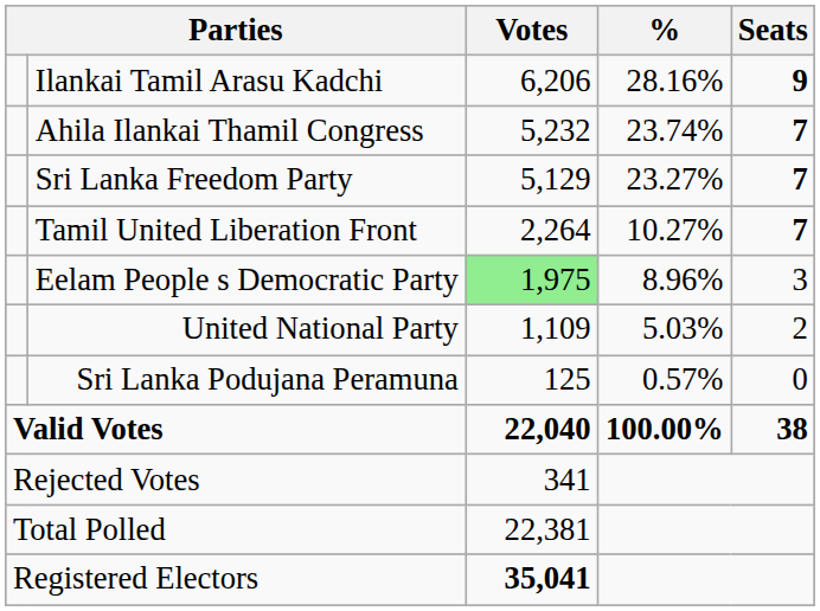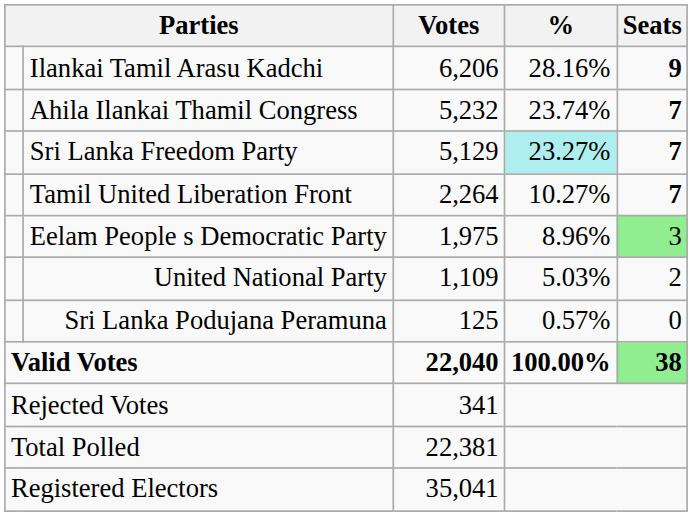 <table class="wikitable" border="1" style="text-align:right;">
 <tr>
 <th colspan="2" valign="bottom" align="left">Parties</th>
 <th valign="bottom" align="center" width="60">Votes</th>
 <th valign="bottom" align="center" width="50">%</th>
 <th valign="bottom" align="center">Seats</th>
 </tr>
 <tr>
 <td> </td>
 <td align="left">Ilankai Tamil Arasu Kadchi</td>
 <td>6,206</td>
 <td>28.16%</td>
 <td><strong>9</strong></td>
 </tr>
 <tr>
 <td> </td>
 <td align="left">Ahila Ilankai Thamil Congress</td>
 <td>5,232</td>
 <td>23.74%</td>
 <td><strong>7</strong></td>
 </tr>
 <tr>
 <td> </td>
 <td align="left">Sri Lanka Freedom Party</td>
 <td>5,129</td>
-<td>23.27%</td>
+<td style="background: paleturquoise;">23.27%</td>
 <td><strong>7</strong></td>
 </tr>
 <tr>
 <td></td>
 <td align="left">Tamil United Liberation Front</td>
 <td>2,264</td>
 <td>10.27%</td>
 <td><strong>7</strong></td>
 </tr>
 <tr>
 <td></td>
 <td>Eelam People s Democratic Party</td>
-<td style="background: lightgreen;">1,975</td>
+<td>1,975</td>
 <td>8.96%</td>
-<td>3</td>
+<td style="background: lightgreen;">3</td>
 </tr>
 <tr>
 <td></td>
 <td>United National Party</td>
 <td>1,109</td>
 <td>5.03%</td>
 <td>2</td>
 </tr>
 <tr>
 <td></td>
 <td>Sri Lanka Podujana Peramuna</td>
 <td>125</td>
 <td>0.57%</td>
 <td>0</td>
 </tr>
 <tr>
 <td colspan="2" align="left"><strong>Valid Votes</strong></td>
 <td><strong>22,040</strong></td>
 <td><strong>100.00%</strong></td>
-<td><strong>38</strong></td>
+<td style="background: lightgreen;"><strong>38</strong></td>
 </tr>
 <tr>
 <td colspan="2" align="left">Rejected Votes</td>
 <td>341</td>
 <td colspan="2"></td>
 </tr>
 <tr>
 <td colspan="2" align="left">Total Polled</td>
 <td>22,381</td>
 <td colspan="2"></td>
 </tr>
 <tr>
 <td colspan="2" align="left">Registered Electors</td>
-<td><strong>35,041</strong></td>
+<td>35,041</td>
 <td colspan="2"></td>
 </tr>
 </table>
